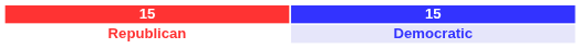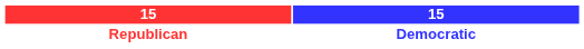 <table style="width:50%">
 <tr>
 <td scope="row" colspan="3" style="text-align:center"></td>
 </tr>
 <tr>
 <td scope="row" style="background:#F33; width:50%; text-align:center; color:white"><strong>15</strong></td>
 <td style="background:#33F; width:50%; text-align:center; color:white"><strong>15</strong></td>
 </tr>
 <tr>
 <td scope="row" style="text-align:center; color:#F33"><strong>Republican</strong></td>
-<td style="background: lavender; text-align:center; color:#33F"><strong>Democratic</strong></td>
+<td style="text-align:center; color:#33F"><strong>Democratic</strong></td>
 </tr>
 </table>
